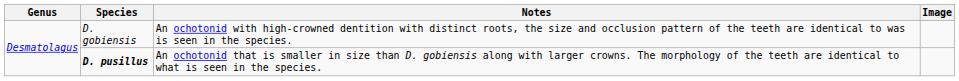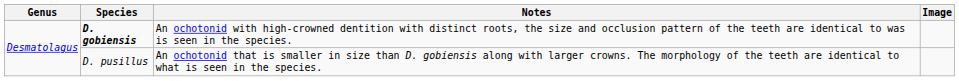 <table class="wikitable">
 <tr>
 <th>Genus</th>
 <th>Species</th>
 <th>Notes</th>
 <th>Image</th>
 </tr>
 <tr>
 <td rowspan="2"><em><a href='#'>Desmatolagus</a></em></td>
-<td><em>D. gobiensis</em></td>
+<td><strong><em>D. gobiensis</em></strong></td>
 <td>An <a href='#'>ochotonid</a> with high-crowned dentition with distinct roots, the size and occlusion pattern of the teeth are identical to was is seen in the species.</td>
 <td></td>
 </tr>
 <tr>
-<td><strong><em>D. pusillus</em></strong></td>
+<td><em>D. pusillus</em></td>
 <td>An <a href='#'>ochotonid</a> that is smaller in size than <em>D. gobiensis</em> along with larger crowns. The morphology of the teeth are identical to what is seen in the species.</td>
 <td></td>
 </tr>
 </table>
